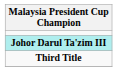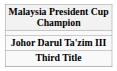 <table class="wikitable" style="text-align: center; margin: 0 auto; width: 20%">
 <tr>
 <th>Malaysia President Cup Champion</th>
 </tr>
 <tr>
 <td></td>
 </tr>
 <tr>
-<td style="background: paleturquoise;"><strong>Johor Darul Ta'zim III</strong></td>
+<td><strong>Johor Darul Ta'zim III</strong></td>
 </tr>
 <tr>
 <td><strong>Third Title</strong></td>
 </tr>
 <tr>
 </tr>
 </table>
